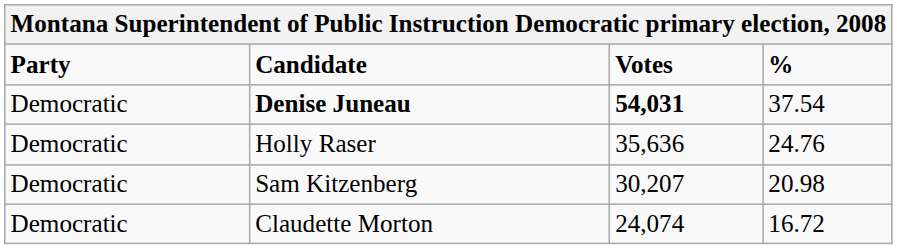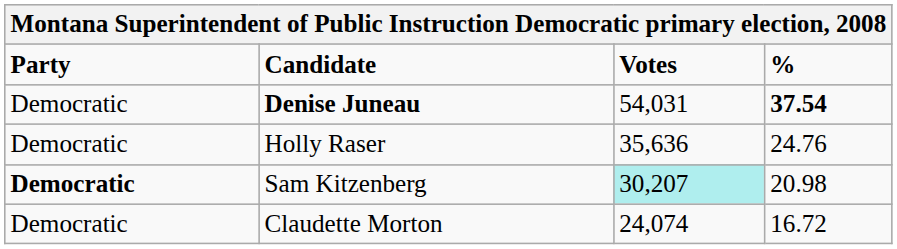 <table class="wikitable">
 <tr>
 <th colspan="4">Montana Superintendent of Public Instruction Democratic primary election, 2008</th>
 </tr>
 <tr>
 <td><strong>Party</strong></td>
 <td><strong>Candidate</strong></td>
 <td><strong>Votes</strong></td>
 <td><strong>%</strong></td>
 </tr>
 <tr>
 <td>Democratic</td>
 <td><strong>Denise Juneau</strong></td>
-<td><strong>54,031</strong></td>
-<td>37.54</td>
+<td>54,031</td>
+<td><strong>37.54</strong></td>
 </tr>
 <tr>
 <td>Democratic</td>
 <td>Holly Raser</td>
 <td>35,636</td>
 <td>24.76</td>
 </tr>
 <tr>
-<td>Democratic</td>
+<td><strong>Democratic</strong></td>
 <td>Sam Kitzenberg</td>
-<td>30,207</td>
+<td style="background: paleturquoise;">30,207</td>
 <td>20.98</td>
 </tr>
 <tr>
 <td>Democratic</td>
 <td>Claudette Morton</td>
 <td>24,074</td>
 <td>16.72</td>
 </tr>
 </table>
